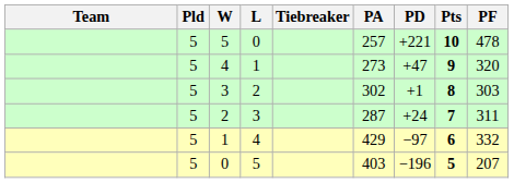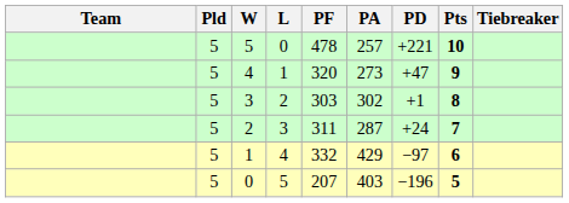 <table class="wikitable" style="text-align:center;">
 <tr>
 <th width=170>Team</th>
 <th width=25>Pld</th>
 <th width=25>W</th>
 <th width=25>L</th>
-<th width=50>Tiebreaker</th>
+<th width=35>PF</th>
 <th width=35>PA</th>
 <th width=35>PD</th>
 <th width=25>Pts</th>
-<th width=35>PF</th>
+<th width=50>Tiebreaker</th>
 </tr>
 <tr bgcolor=ccffcc>
 <td align="left"></td>
 <td>5</td>
 <td>5</td>
 <td>0</td>
-<td></td>
+<td>478</td>
 <td>257</td>
 <td>+221</td>
 <td><strong>10</strong></td>
-<td>478</td>
+<td></td>
 </tr>
 <tr bgcolor=ccffcc>
 <td align="left"></td>
 <td>5</td>
 <td>4</td>
 <td>1</td>
-<td></td>
+<td>320</td>
 <td>273</td>
 <td>+47</td>
 <td><strong>9</strong></td>
-<td>320</td>
+<td></td>
 </tr>
 <tr bgcolor=ccffcc>
 <td align="left"></td>
 <td>5</td>
 <td>3</td>
 <td>2</td>
-<td></td>
+<td>303</td>
 <td>302</td>
 <td>+1</td>
 <td><strong>8</strong></td>
-<td>303</td>
+<td></td>
 </tr>
 <tr bgcolor=ccffcc>
 <td align="left"></td>
 <td>5</td>
 <td>2</td>
 <td>3</td>
-<td></td>
+<td>311</td>
 <td>287</td>
 <td>+24</td>
 <td><strong>7</strong></td>
-<td>311</td>
+<td></td>
 </tr>
 <tr bgcolor=ffffbb>
 <td align="left"></td>
 <td>5</td>
 <td>1</td>
 <td>4</td>
-<td></td>
+<td>332</td>
 <td>429</td>
 <td>−97</td>
 <td><strong>6</strong></td>
-<td>332</td>
+<td></td>
 </tr>
 <tr bgcolor=ffffbb>
 <td align="left"></td>
 <td>5</td>
 <td>0</td>
 <td>5</td>
-<td></td>
+<td>207</td>
 <td>403</td>
 <td>−196</td>
 <td><strong>5</strong></td>
-<td>207</td>
+<td></td>
 </tr>
 </table>
